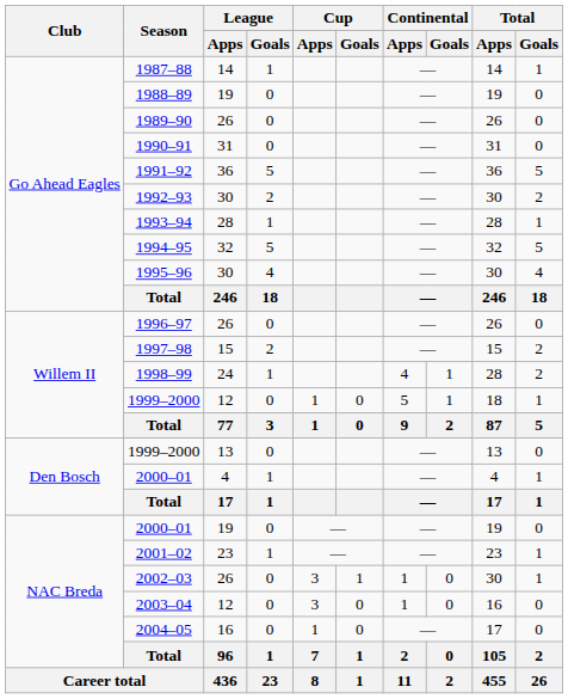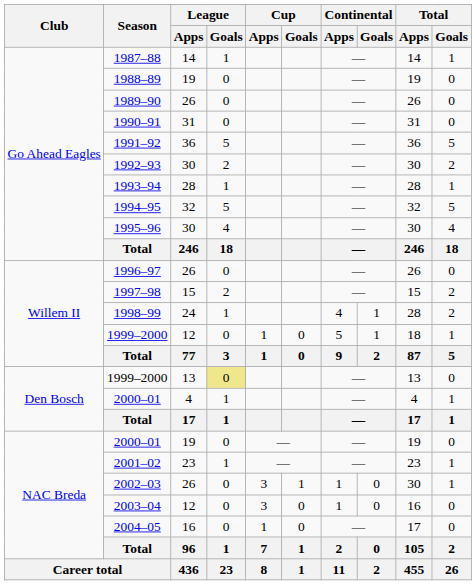 <table class="wikitable" style="text-align:center">
 <tr>
 <th rowspan="2">Club</th>
 <th rowspan="2">Season</th>
 <th colspan="2">League</th>
 <th colspan="2">Cup</th>
 <th colspan="2">Continental</th>
 <th colspan="2">Total</th>
 </tr>
 <tr>
 <th>Apps</th>
 <th>Goals</th>
 <th>Apps</th>
 <th>Goals</th>
 <th>Apps</th>
 <th>Goals</th>
 <th>Apps</th>
 <th>Goals</th>
 </tr>
 <tr>
 <td rowspan="10"><a href='#'>Go Ahead Eagles</a></td>
 <td><a href='#'>1987–88</a></td>
 <td>14</td>
 <td>1</td>
 <td></td>
 <td></td>
 <td colspan="2">—</td>
 <td>14</td>
 <td>1</td>
 </tr>
 <tr>
 <td><a href='#'>1988–89</a></td>
 <td>19</td>
 <td>0</td>
 <td></td>
 <td></td>
 <td colspan="2">—</td>
 <td>19</td>
 <td>0</td>
 </tr>
 <tr>
 <td><a href='#'>1989–90</a></td>
 <td>26</td>
 <td>0</td>
 <td></td>
 <td></td>
 <td colspan="2">—</td>
 <td>26</td>
 <td>0</td>
 </tr>
 <tr>
 <td><a href='#'>1990–91</a></td>
 <td>31</td>
 <td>0</td>
 <td></td>
 <td></td>
 <td colspan="2">—</td>
 <td>31</td>
 <td>0</td>
 </tr>
 <tr>
 <td><a href='#'>1991–92</a></td>
 <td>36</td>
 <td>5</td>
 <td></td>
 <td></td>
 <td colspan="2">—</td>
 <td>36</td>
 <td>5</td>
 </tr>
 <tr>
 <td><a href='#'>1992–93</a></td>
 <td>30</td>
 <td>2</td>
 <td></td>
 <td></td>
 <td colspan="2">—</td>
 <td>30</td>
 <td>2</td>
 </tr>
 <tr>
 <td><a href='#'>1993–94</a></td>
 <td>28</td>
 <td>1</td>
 <td></td>
 <td></td>
 <td colspan="2">—</td>
 <td>28</td>
 <td>1</td>
 </tr>
 <tr>
 <td><a href='#'>1994–95</a></td>
 <td>32</td>
 <td>5</td>
 <td></td>
 <td></td>
 <td colspan="2">—</td>
 <td>32</td>
 <td>5</td>
 </tr>
 <tr>
 <td><a href='#'>1995–96</a></td>
 <td>30</td>
 <td>4</td>
 <td></td>
 <td></td>
 <td colspan="2">—</td>
 <td>30</td>
 <td>4</td>
 </tr>
 <tr>
 <th>Total</th>
 <th>246</th>
 <th>18</th>
 <th></th>
 <th></th>
 <th colspan="2">—</th>
 <th>246</th>
 <th>18</th>
 </tr>
 <tr>
 <td rowspan="5"><a href='#'>Willem II</a></td>
 <td><a href='#'>1996–97</a></td>
 <td>26</td>
 <td>0</td>
 <td></td>
 <td></td>
 <td colspan="2">—</td>
 <td>26</td>
 <td>0</td>
 </tr>
 <tr>
 <td><a href='#'>1997–98</a></td>
 <td>15</td>
 <td>2</td>
 <td></td>
 <td></td>
 <td colspan="2">—</td>
 <td>15</td>
 <td>2</td>
 </tr>
 <tr>
 <td><a href='#'>1998–99</a></td>
 <td>24</td>
 <td>1</td>
 <td></td>
 <td></td>
 <td>4</td>
 <td>1</td>
 <td>28</td>
 <td>2</td>
 </tr>
 <tr>
 <td><a href='#'>1999–2000</a></td>
 <td>12</td>
 <td>0</td>
 <td>1</td>
 <td>0</td>
 <td>5</td>
 <td>1</td>
 <td>18</td>
 <td>1</td>
 </tr>
 <tr>
 <th>Total</th>
 <th>77</th>
 <th>3</th>
 <th>1</th>
 <th>0</th>
 <th>9</th>
 <th>2</th>
 <th>87</th>
 <th>5</th>
 </tr>
 <tr>
 <td rowspan="3"><a href='#'>Den Bosch</a></td>
 <td>1999–2000</td>
 <td>13</td>
-<td>0</td>
+<td style="background: khaki;">0</td>
 <td></td>
 <td></td>
 <td colspan="2">—</td>
 <td>13</td>
 <td>0</td>
 </tr>
 <tr>
 <td><a href='#'>2000–01</a></td>
 <td>4</td>
 <td>1</td>
 <td></td>
 <td></td>
 <td colspan="2">—</td>
 <td>4</td>
 <td>1</td>
 </tr>
 <tr>
 <th>Total</th>
 <th>17</th>
 <th>1</th>
 <th></th>
 <th></th>
 <th colspan="2">—</th>
 <th>17</th>
 <th>1</th>
 </tr>
 <tr>
 <td rowspan="6"><a href='#'>NAC Breda</a></td>
 <td><a href='#'>2000–01</a></td>
 <td>19</td>
 <td>0</td>
 <td colspan="2">—</td>
 <td colspan="2">—</td>
 <td>19</td>
 <td>0</td>
 </tr>
 <tr>
 <td><a href='#'>2001–02</a></td>
 <td>23</td>
 <td>1</td>
 <td colspan="2">—</td>
 <td colspan="2">—</td>
 <td>23</td>
 <td>1</td>
 </tr>
 <tr>
 <td><a href='#'>2002–03</a></td>
 <td>26</td>
 <td>0</td>
 <td>3</td>
 <td>1</td>
 <td>1</td>
 <td>0</td>
 <td>30</td>
 <td>1</td>
 </tr>
 <tr>
 <td><a href='#'>2003–04</a></td>
 <td>12</td>
 <td>0</td>
 <td>3</td>
 <td>0</td>
 <td>1</td>
 <td>0</td>
 <td>16</td>
 <td>0</td>
 </tr>
 <tr>
 <td><a href='#'>2004–05</a></td>
 <td>16</td>
 <td>0</td>
 <td>1</td>
 <td>0</td>
 <td colspan="2">—</td>
 <td>17</td>
 <td>0</td>
 </tr>
 <tr>
 <th>Total</th>
 <th>96</th>
 <th>1</th>
 <th>7</th>
 <th>1</th>
 <th>2</th>
 <th>0</th>
 <th>105</th>
 <th>2</th>
 </tr>
 <tr>
 <th colspan="2">Career total</th>
 <th>436</th>
 <th>23</th>
 <th>8</th>
 <th>1</th>
 <th>11</th>
 <th>2</th>
 <th>455</th>
 <th>26</th>
 </tr>
 </table>
